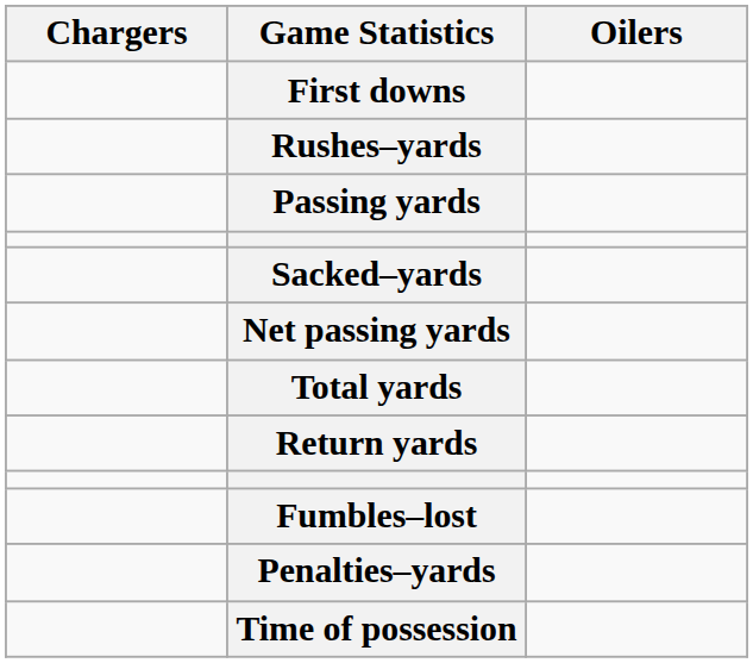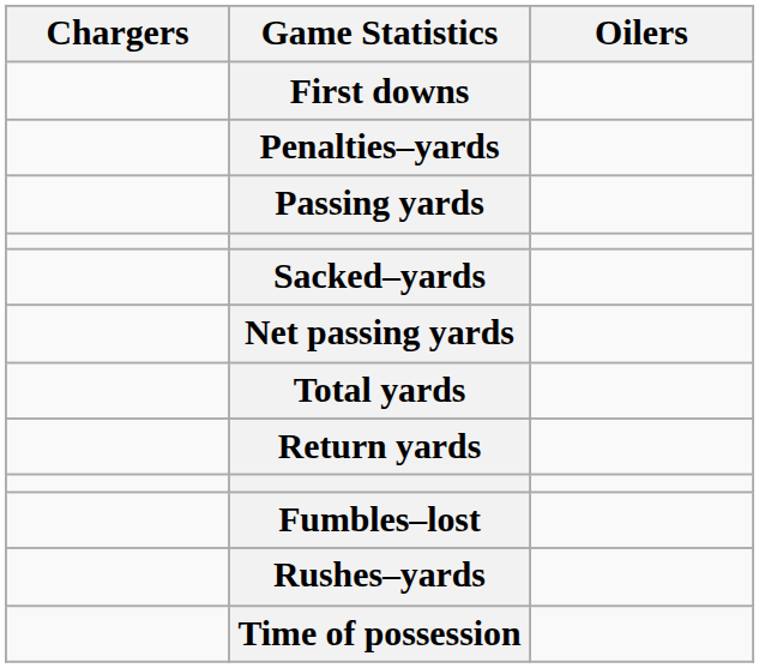 <table class="wikitable" style="margin: 1em auto 1em auto">
 <tr>
 <th style="width:30%;">Chargers</th>
 <th style="width:40%;">Game Statistics</th>
 <th style="width:30%;">Oilers</th>
 </tr>
 <tr>
 <td style="text-align:right;"></td>
 <th>First downs</th>
 <td></td>
 </tr>
 <tr>
 <td style="text-align:right;"></td>
-<th>Rushes–yards</th>
+<th>Penalties–yards</th>
 <td></td>
 </tr>
 <tr>
 <td style="text-align:right;"></td>
 <th>Passing yards</th>
 <td></td>
 </tr>
 <tr>
 <td style="text-align:right;"></td>
 <th></th>
 <td></td>
 </tr>
 <tr>
 <td style="text-align:right;"></td>
 <th>Sacked–yards</th>
 <td></td>
 </tr>
 <tr>
 <td style="text-align:right;"></td>
 <th>Net passing yards</th>
 <td></td>
 </tr>
 <tr>
 <td style="text-align:right;"></td>
 <th>Total yards</th>
 <td></td>
 </tr>
 <tr>
 <td style="text-align:right;"></td>
 <th>Return yards</th>
 <td></td>
 </tr>
 <tr>
 <td style="text-align:right;"></td>
 <th></th>
 <td></td>
 </tr>
 <tr>
 <td style="text-align:right;"></td>
 <th>Fumbles–lost</th>
 <td></td>
 </tr>
 <tr>
 <td style="text-align:right;"></td>
-<th>Penalties–yards</th>
+<th>Rushes–yards</th>
 <td></td>
 </tr>
 <tr>
 <td style="text-align:right;"></td>
 <th>Time of possession</th>
 <td></td>
 </tr>
 </table>
